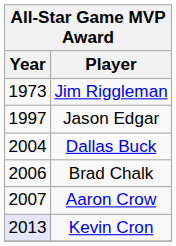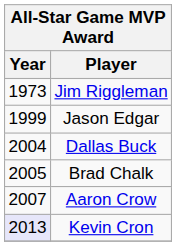 <table class="wikitable" style="display: inline-table; margin-right: 20px; text-align:center">
 <tr>
 <th scope="col" colspan="2" style="width: 145px;">All-Star Game MVP Award</th>
 </tr>
 <tr>
 <th scope="col">Year</th>
 <th scope="col">Player</th>
 </tr>
 <tr>
 <td>1973</td>
 <td><a href='#'>Jim Riggleman</a></td>
 </tr>
 <tr>
-<td>1997</td>
+<td>1999</td>
 <td>Jason Edgar</td>
 </tr>
 <tr>
 <td>2004</td>
 <td><a href='#'>Dallas Buck</a></td>
 </tr>
 <tr>
-<td>2006</td>
+<td>2005</td>
 <td>Brad Chalk</td>
 </tr>
 <tr>
 <td>2007</td>
 <td><a href='#'>Aaron Crow</a></td>
 </tr>
 <tr>
 <td style="background: lavender;">2013</td>
 <td><a href='#'>Kevin Cron</a></td>
 </tr>
 <tr>
 </tr>
 </table>
